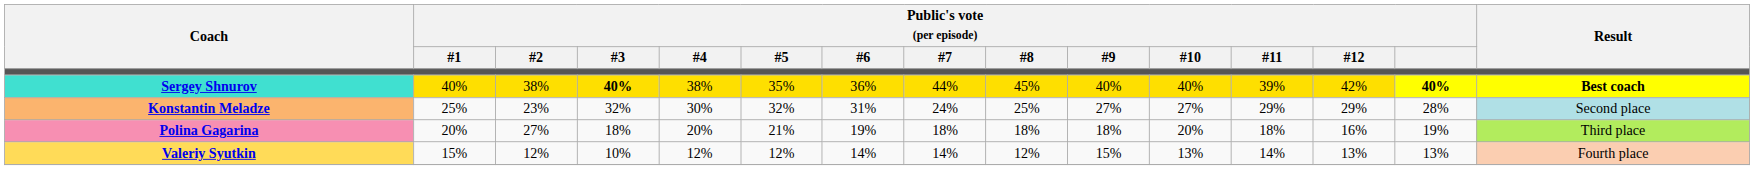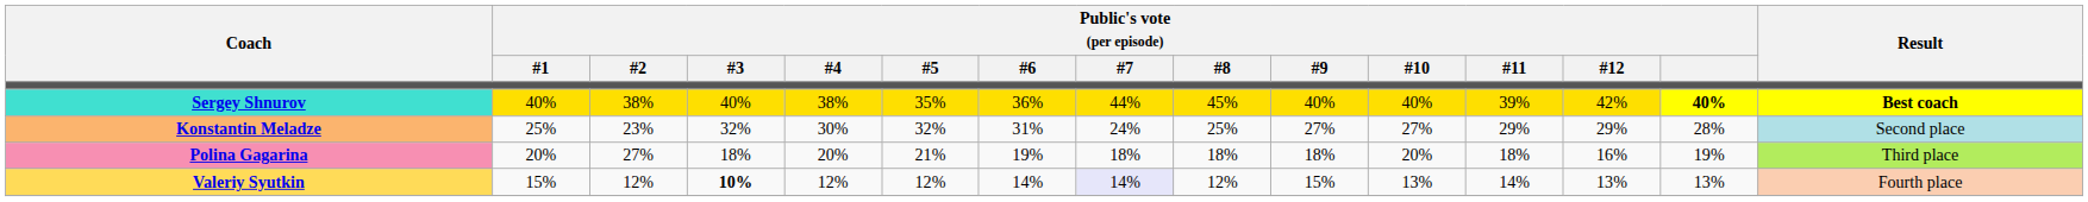 <table class="wikitable sortable" style="text-align:center; width:100%;">
 <tr>
 <th rowspan=2 style="width:15%;">Coach</th>
 <th colspan=13 style="width:10%;">Public's vote<br><sub>(per episode)</sub></th>
 <th rowspan=2 style="width:10%;">Result</th>
 </tr>
 <tr>
 <th style="width:3%;">#1</th>
 <th style="width:3%;">#2</th>
 <th style="width:3%;">#3</th>
 <th style="width:3%;">#4</th>
 <th style="width:3%;">#5</th>
 <th style="width:3%;">#6</th>
 <th style="width:3%;">#7</th>
 <th style="width:3%;">#8</th>
 <th style="width:3%;">#9</th>
 <th style="width:3%;">#10</th>
 <th style="width:3%;">#11</th>
 <th style="width:3%;">#12</th>
 <th style="width:3%;"></th>
 </tr>
 <tr>
 <td colspan=16 style="background:#555;"></td>
 </tr>
 <tr>
 <th style="background:turquoise;"><a href='#'>Sergey Shnurov</a></th>
 <td style="background:#fedf00;">40%</td>
 <td style="background:#fedf00;">38%</td>
-<td style="background:#fedf00;"><strong>40%</strong></td>
+<td style="background:#fedf00;">40%</td>
 <td style="background:#fedf00;">38%</td>
 <td style="background:#fedf00;">35%</td>
 <td style="background:#fedf00;">36%</td>
 <td style="background:#fedf00;">44%</td>
 <td style="background:#fedf00;">45%</td>
 <td style="background:#fedf00;">40%</td>
 <td style="background:#fedf00;">40%</td>
 <td style="background:#fedf00;">39%</td>
 <td style="background:#fedf00;">42%</td>
 <td style="background:yellow;"><strong>40%</strong></td>
 <td style="background:yellow;"><strong>Best coach</strong></td>
 </tr>
 <tr>
 <th style="background:#fbb46e;"><a href='#'>Konstantin Meladze</a></th>
 <td>25%</td>
 <td>23%</td>
 <td>32%</td>
 <td>30%</td>
 <td>32%</td>
 <td>31%</td>
 <td>24%</td>
 <td>25%</td>
 <td>27%</td>
 <td>27%</td>
 <td>29%</td>
 <td>29%</td>
 <td>28%</td>
 <td style="background:#B0E0E6;">Second place</td>
 </tr>
 <tr>
 <th style="background:#f78fb2;"><a href='#'>Polina Gagarina</a></th>
 <td>20%</td>
 <td>27%</td>
 <td>18%</td>
 <td>20%</td>
 <td>21%</td>
 <td>19%</td>
 <td>18%</td>
 <td>18%</td>
 <td>18%</td>
 <td>20%</td>
 <td>18%</td>
 <td>16%</td>
 <td>19%</td>
 <td style="background:#B2EC5D;">Third place</td>
 </tr>
 <tr>
 <th style="background:#ffdb58"><a href='#'>Valeriy Syutkin</a></th>
 <td>15%</td>
 <td>12%</td>
-<td>10%</td>
+<td><strong>10%</strong></td>
 <td>12%</td>
 <td>12%</td>
 <td>14%</td>
-<td>14%</td>
+<td style="background: lavender;">14%</td>
 <td>12%</td>
 <td>15%</td>
 <td>13%</td>
 <td>14%</td>
 <td>13%</td>
 <td>13%</td>
 <td style="background:#FBCEB1;">Fourth place</td>
 </tr>
 <tr>
 </tr>
 </table>
